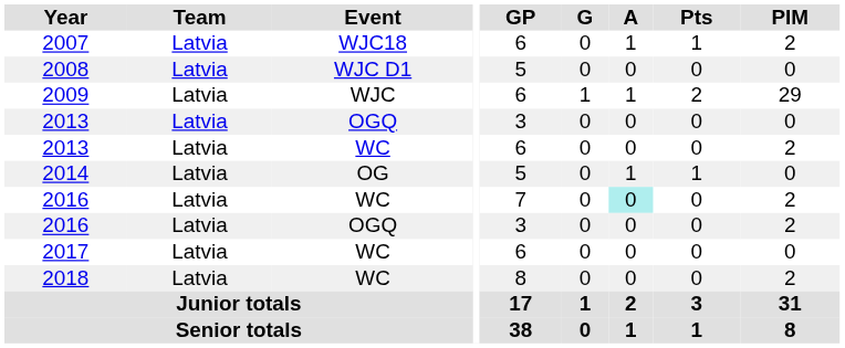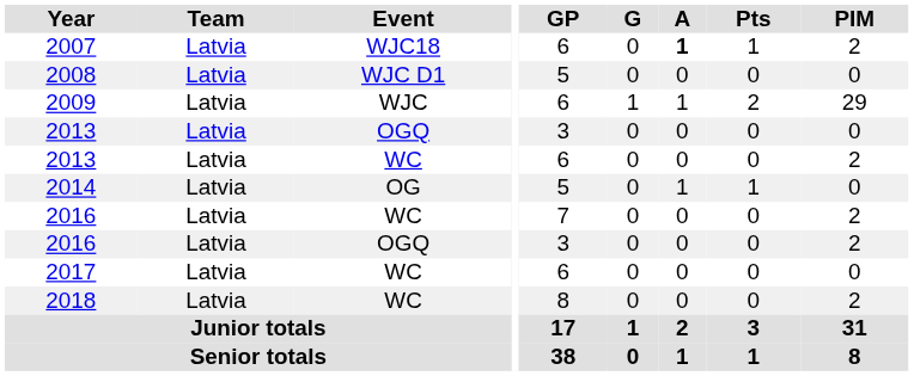 <table border="0" cellpadding="1" cellspacing="0" ID="Table3" style="text-align:center; width:40em">
 <tr ALIGN="center" bgcolor="#e0e0e0">
 <th>Year</th>
 <th>Team</th>
 <th>Event</th>
 <th rowspan="102" bgcolor="#ffffff"></th>
 <th>GP</th>
 <th>G</th>
 <th>A</th>
 <th>Pts</th>
 <th>PIM</th>
 </tr>
 <tr>
 <td><a href='#'>2007</a></td>
 <td><a href='#'>Latvia</a></td>
 <td><a href='#'>WJC18</a></td>
 <td>6</td>
 <td>0</td>
-<td>1</td>
+<td><strong>1</strong></td>
 <td>1</td>
 <td>2</td>
 </tr>
 <tr bgcolor="#f0f0f0">
 <td><a href='#'>2008</a></td>
 <td><a href='#'>Latvia</a></td>
 <td><a href='#'>WJC D1</a></td>
 <td>5</td>
 <td>0</td>
 <td>0</td>
 <td>0</td>
 <td>0</td>
 </tr>
 <tr>
 <td><a href='#'>2009</a></td>
 <td>Latvia</td>
 <td>WJC</td>
 <td>6</td>
 <td>1</td>
 <td>1</td>
 <td>2</td>
 <td>29</td>
 </tr>
 <tr bgcolor="#f0f0f0">
 <td><a href='#'>2013</a></td>
 <td><a href='#'>Latvia</a></td>
 <td><a href='#'>OGQ</a></td>
 <td>3</td>
 <td>0</td>
 <td>0</td>
 <td>0</td>
 <td>0</td>
 </tr>
 <tr>
 <td><a href='#'>2013</a></td>
 <td>Latvia</td>
 <td><a href='#'>WC</a></td>
 <td>6</td>
 <td>0</td>
 <td>0</td>
 <td>0</td>
 <td>2</td>
 </tr>
 <tr bgcolor="#f0f0f0">
 <td><a href='#'>2014</a></td>
 <td>Latvia</td>
 <td>OG</td>
 <td>5</td>
 <td>0</td>
 <td>1</td>
 <td>1</td>
 <td>0</td>
 </tr>
 <tr>
 <td><a href='#'>2016</a></td>
 <td>Latvia</td>
 <td>WC</td>
 <td>7</td>
 <td>0</td>
-<td style="background: paleturquoise;">0</td>
+<td>0</td>
 <td>0</td>
 <td>2</td>
 </tr>
 <tr bgcolor="#f0f0f0">
 <td><a href='#'>2016</a></td>
 <td>Latvia</td>
 <td>OGQ</td>
 <td>3</td>
 <td>0</td>
 <td>0</td>
 <td>0</td>
 <td>2</td>
 </tr>
 <tr>
 <td><a href='#'>2017</a></td>
 <td>Latvia</td>
 <td>WC</td>
 <td>6</td>
 <td>0</td>
 <td>0</td>
 <td>0</td>
 <td>0</td>
 </tr>
 <tr bgcolor="#f0f0f0">
 <td><a href='#'>2018</a></td>
 <td>Latvia</td>
 <td>WC</td>
 <td>8</td>
 <td>0</td>
 <td>0</td>
 <td>0</td>
 <td>2</td>
 </tr>
 <tr bgcolor="#e0e0e0">
 <th colspan=3>Junior totals</th>
 <th>17</th>
 <th>1</th>
 <th>2</th>
 <th>3</th>
 <th>31</th>
 </tr>
 <tr bgcolor="#e0e0e0">
 <th colspan=3>Senior totals</th>
 <th>38</th>
 <th>0</th>
 <th>1</th>
 <th>1</th>
 <th>8</th>
 </tr>
 </table>
